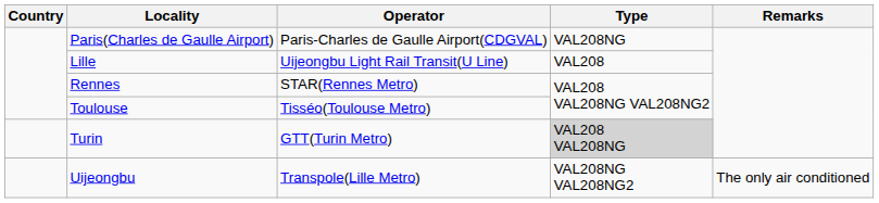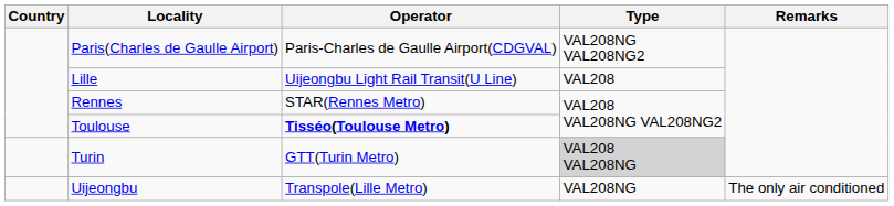 <table class="wikitable">
 <tr>
 <th>Country</th>
 <th>Locality</th>
 <th>Operator</th>
 <th>Type</th>
 <th>Remarks</th>
 </tr>
 <tr>
 <td rowspan="4"></td>
 <td><a href='#'>Paris</a>(<a href='#'>Charles de Gaulle Airport</a>)</td>
 <td>Paris-Charles de Gaulle Airport(<a href='#'>CDGVAL</a>)</td>
-<td>VAL208NG</td>
+<td>VAL208NG<br>VAL208NG2</td>
 <td rowspan="5"></td>
 </tr>
 <tr>
 <td><a href='#'>Lille</a></td>
 <td><a href='#'>Uijeongbu Light Rail Transit</a>(<a href='#'>U Line</a>)</td>
 <td>VAL208</td>
 </tr>
 <tr>
 <td><a href='#'>Rennes</a></td>
 <td>STAR(<a href='#'>Rennes Metro</a>)</td>
 <td rowspan="2">VAL208<br>VAL208NG VAL208NG2</td>
 </tr>
 <tr>
 <td><a href='#'>Toulouse</a></td>
-<td><a href='#'>Tisséo</a>(<a href='#'>Toulouse Metro</a>)</td>
+<td><strong><a href='#'>Tisséo</a>(<a href='#'>Toulouse Metro</a>)</strong></td>
 </tr>
 <tr>
 <td></td>
 <td><a href='#'>Turin</a></td>
 <td><a href='#'>GTT</a>(<a href='#'>Turin Metro</a>)</td>
 <td style="background: lightgrey;">VAL208<br>VAL208NG</td>
 </tr>
 <tr>
 <td></td>
 <td><a href='#'>Uijeongbu</a></td>
 <td><a href='#'>Transpole</a>(<a href='#'>Lille Metro</a>)</td>
-<td>VAL208NG<br>VAL208NG2</td>
+<td>VAL208NG</td>
 <td>The only air conditioned</td>
 </tr>
 </table>
